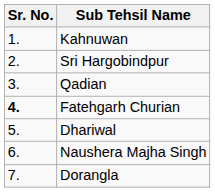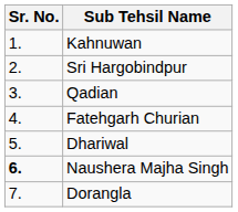 <table class="wikitable sortable">
 <tr>
 <th bgcolor="#99ccff">Sr. No.</th>
 <th bgcolor="#99ccff">Sub Tehsil Name</th>
 </tr>
 <tr>
 <td>1.</td>
 <td>Kahnuwan</td>
 </tr>
 <tr>
 <td>2.</td>
 <td>Sri Hargobindpur</td>
 </tr>
 <tr>
 <td>3.</td>
 <td>Qadian</td>
 </tr>
 <tr>
-<td><strong>4.</strong></td>
+<td>4.</td>
 <td>Fatehgarh Churian</td>
 </tr>
 <tr>
 <td>5.</td>
 <td>Dhariwal</td>
 </tr>
 <tr>
-<td>6.</td>
+<td><strong>6.</strong></td>
 <td>Naushera Majha Singh</td>
 </tr>
 <tr>
 <td>7.</td>
 <td>Dorangla</td>
 </tr>
 </table>
